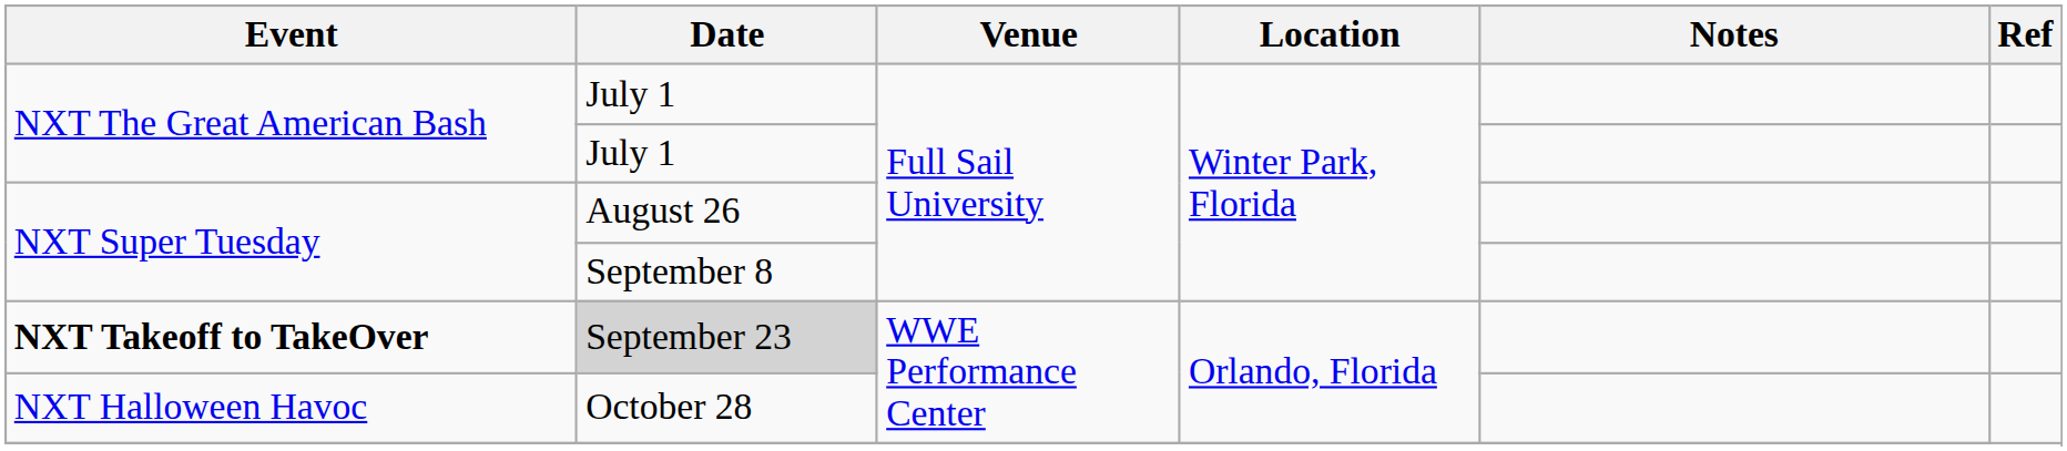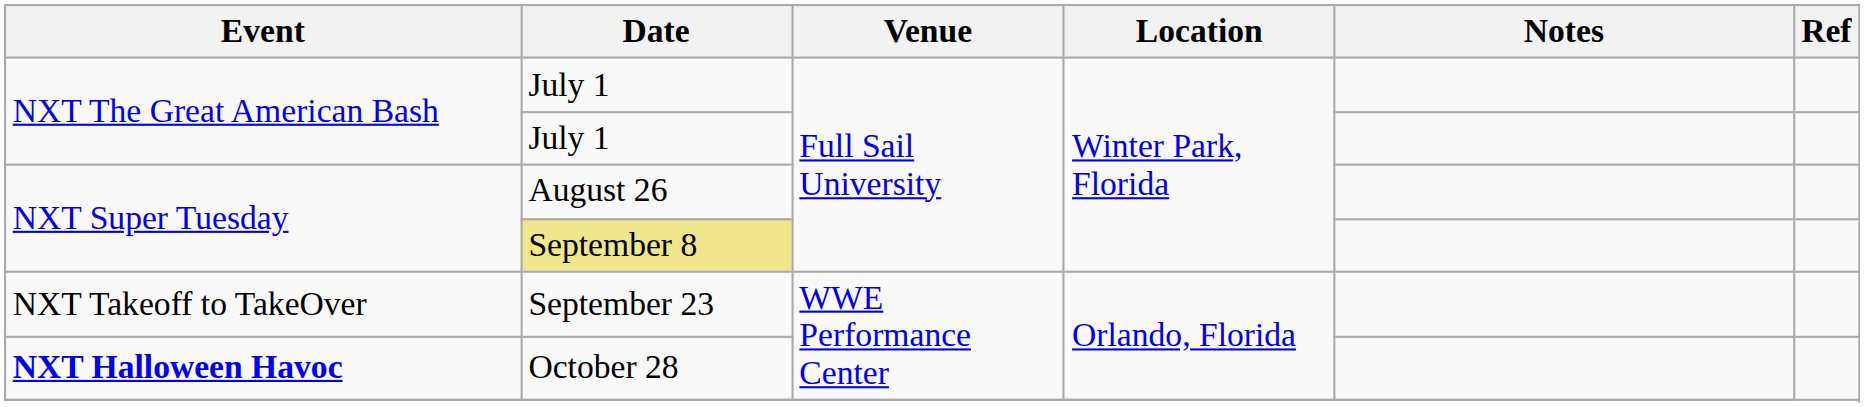 <table class="wikitable plainrowheaders sortable" style="width:100%;">
 <tr>
 <th style="width:29%;">Event</th>
 <th style="width:15%;">Date</th>
 <th style="width:15%;">Venue</th>
 <th style="width:15%;">Location</th>
 <th style="width:99%;">Notes</th>
 <th style="width:99%;">Ref</th>
 </tr>
 <tr>
 <td rowspan=2><a href='#'>NXT The Great American Bash</a></td>
 <td>July 1</td>
 <td rowspan=4><a href='#'>Full Sail University</a></td>
 <td rowspan=4><a href='#'>Winter Park, Florida</a></td>
 <td></td>
 <td></td>
 </tr>
 <tr>
 <td>July 1<br></td>
 <td></td>
 <td></td>
 </tr>
 <tr>
 <td rowspan=2><a href='#'>NXT Super Tuesday</a></td>
 <td>August 26<br></td>
 <td></td>
 <td></td>
 </tr>
 <tr>
-<td>September 8</td>
+<td style="background: khaki;">September 8</td>
 <td></td>
 <td></td>
 </tr>
 <tr>
-<td><strong>NXT Takeoff to TakeOver</strong></td>
-<td style="background: lightgrey;">September 23</td>
+<td>NXT Takeoff to TakeOver</td>
+<td>September 23</td>
 <td rowspan=2><a href='#'>WWE Performance Center</a></td>
 <td rowspan=2><a href='#'>Orlando, Florida</a></td>
 <td></td>
 <td></td>
 </tr>
 <tr>
-<td><a href='#'>NXT Halloween Havoc</a></td>
+<td><strong><a href='#'>NXT Halloween Havoc</a></strong></td>
 <td>October 28</td>
 <td></td>
 </tr>
 <tr>
 </tr>
 </table>
